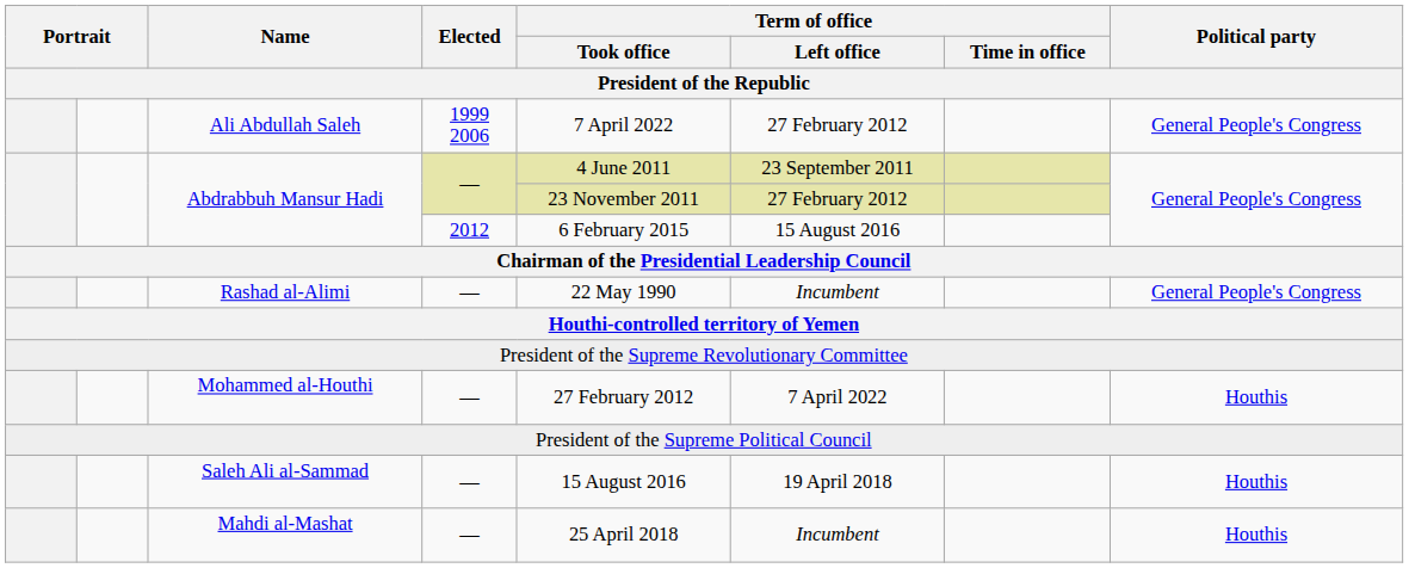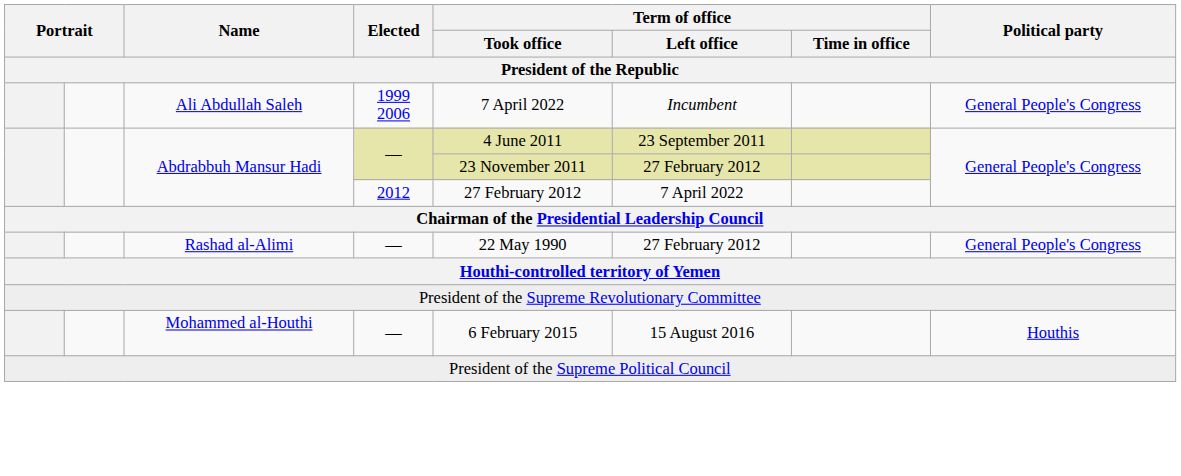 <table class="wikitable" style="text-align:center; border:1px #aaf solid; width:90%;">
 <tr>
 <th rowspan="2" colspan="2" width="80px">Portrait</th>
 <th rowspan="2">Name<br></th>
 <th rowspan="2">Elected</th>
 <th colspan="3">Term of office</th>
 <th rowspan="2">Political party</th>
 </tr>
 <tr>
 <th>Took office</th>
 <th>Left office</th>
 <th>Time in office</th>
 </tr>
 <tr>
 <th colspan="8">President of the Republic</th>
 </tr>
 <tr>
 <th style="background:"></th>
 <td></td>
 <td><a href='#'>Ali Abdullah Saleh</a><br></td>
 <td><a href='#'>1999</a><br><a href='#'>2006</a></td>
 <td>7 April 2022</td>
-<td>27 February 2012<br></td>
+<td><em>Incumbent</em></td>
 <td></td>
 <td><a href='#'>General People's Congress</a></td>
 </tr>
 <tr>
 <th rowspan=3 style="background:"></th>
 <td rowspan=3></td>
 <td rowspan=3><a href='#'>Abdrabbuh Mansur Hadi</a><br></td>
 <td rowspan=2 style="background:#e6e6aa;">—</td>
 <td style="background:#e6e6aa;">4 June 2011</td>
 <td style="background:#e6e6aa;">23 September 2011</td>
 <td style="background:#e6e6aa;"></td>
 <td rowspan=3><a href='#'>General People's Congress</a></td>
 </tr>
 <tr>
 <td style="background:#e6e6aa;">23 November 2011</td>
 <td style="background:#e6e6aa;">27 February 2012</td>
 <td style="background:#e6e6aa;"></td>
 </tr>
 <tr>
 <td><a href='#'>2012</a></td>
-<td>6 February 2015</td>
-<td>15 August 2016</td>
+<td>27 February 2012</td>
+<td>7 April 2022<br></td>
 <td></td>
 </tr>
 <tr>
 <th colspan="8">Chairman of the <a href='#'>Presidential Leadership Council</a></th>
 </tr>
 <tr>
 <th style="background:"></th>
 <td></td>
 <td><a href='#'>Rashad al-Alimi</a><br></td>
 <td>—</td>
 <td>22 May 1990</td>
-<td><em>Incumbent</em></td>
+<td>27 February 2012<br></td>
 <td></td>
 <td><a href='#'>General People's Congress</a></td>
 </tr>
 <tr>
 <th colspan="8"><a href='#'>Houthi-controlled territory of Yemen</a></th>
 </tr>
 <tr>
 <td bgcolor=#EEEEEE colspan="8">President of the <a href='#'>Supreme Revolutionary Committee</a></td>
 </tr>
 <tr>
 <th style="background:"></th>
 <td></td>
 <td><a href='#'>Mohammed al-Houthi</a><br><br></td>
 <td>—</td>
-<td>27 February 2012</td>
-<td>7 April 2022<br></td>
+<td>6 February 2015</td>
+<td>15 August 2016</td>
 <td></td>
 <td><a href='#'>Houthis</a></td>
 </tr>
 <tr>
 <td bgcolor=#EEEEEE colspan="8">President of the <a href='#'>Supreme Political Council</a></td>
 </tr>
-<tr>
-<th style="background:"></th>
-<td></td>
-<td><a href='#'>Saleh Ali al-Sammad</a><br><br></td>
-<td>—</td>
-<td>15 August 2016</td>
-<td>19 April 2018<br></td>
-<td></td>
-<td><a href='#'>Houthis</a></td>
-</tr>
-<tr>
-<th style="background:"></th>
-<td></td>
-<td><a href='#'>Mahdi al-Mashat</a><br><br></td>
-<td>—</td>
-<td>25 April 2018</td>
-<td><em>Incumbent</em></td>
-<td></td>
-<td><a href='#'>Houthis</a></td>
-</tr>
 </table>
